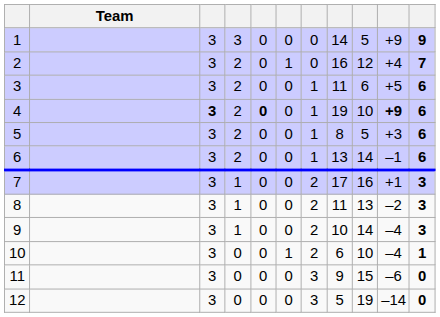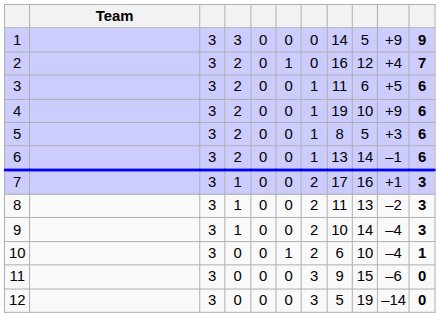 <table class="wikitable" style="text-align: center;">
 <tr>
 <th width="20"></th>
 <th style="width:175px;">Team</th>
 <th width="20"></th>
 <th width="20"></th>
 <th width="20"></th>
 <th width="20"></th>
 <th width="20"></th>
 <th width="20"></th>
 <th width="20"></th>
 <th></th>
 <th width="20"></th>
 </tr>
 <tr bgcolor=#ccccff>
 <td>1</td>
 <td align=left></td>
 <td>3</td>
 <td>3</td>
 <td>0</td>
 <td>0</td>
 <td>0</td>
 <td>14</td>
 <td>5</td>
 <td>+9</td>
 <td><strong>9</strong></td>
 </tr>
 <tr bgcolor=#ccccff>
 <td>2</td>
 <td align=left></td>
 <td>3</td>
 <td>2</td>
 <td>0</td>
 <td>1</td>
 <td>0</td>
 <td>16</td>
 <td>12</td>
 <td>+4</td>
 <td><strong>7</strong></td>
 </tr>
 <tr bgcolor=#ccccff>
 <td>3</td>
 <td align=left></td>
 <td>3</td>
 <td>2</td>
 <td>0</td>
 <td>0</td>
 <td>1</td>
 <td>11</td>
 <td>6</td>
 <td>+5</td>
 <td><strong>6</strong></td>
 </tr>
 <tr bgcolor=#ccccff>
 <td>4</td>
 <td align=left></td>
-<td><strong>3</strong></td>
+<td>3</td>
 <td>2</td>
-<td><strong>0</strong></td>
+<td>0</td>
 <td>0</td>
 <td>1</td>
 <td>19</td>
 <td>10</td>
-<td><strong>+9</strong></td>
+<td>+9</td>
 <td><strong>6</strong></td>
 </tr>
 <tr bgcolor=#ccccff>
 <td>5</td>
 <td align=left></td>
 <td>3</td>
 <td>2</td>
 <td>0</td>
 <td>0</td>
 <td>1</td>
 <td>8</td>
 <td>5</td>
 <td>+3</td>
 <td><strong>6</strong></td>
 </tr>
 <tr bgcolor=#ccccff>
 <td>6</td>
 <td align=left></td>
 <td>3</td>
 <td>2</td>
 <td>0</td>
 <td>0</td>
 <td>1</td>
 <td>13</td>
 <td>14</td>
 <td>–1</td>
 <td><strong>6</strong></td>
 </tr>
 <tr style="border-bottom:3px solid blue;">
 </tr>
 <tr bgcolor=#ccccff>
 <td>7</td>
 <td align=left></td>
 <td>3</td>
 <td>1</td>
 <td>0</td>
 <td>0</td>
 <td>2</td>
 <td>17</td>
 <td>16</td>
 <td>+1</td>
 <td><strong>3</strong></td>
 </tr>
 <tr>
 <td>8</td>
 <td align=left></td>
 <td>3</td>
 <td>1</td>
 <td>0</td>
 <td>0</td>
 <td>2</td>
 <td>11</td>
 <td>13</td>
 <td>–2</td>
 <td><strong>3</strong></td>
 </tr>
 <tr>
 <td>9</td>
 <td align=left></td>
 <td>3</td>
 <td>1</td>
 <td>0</td>
 <td>0</td>
 <td>2</td>
 <td>10</td>
 <td>14</td>
 <td>–4</td>
 <td><strong>3</strong></td>
 </tr>
 <tr>
 <td>10</td>
 <td align=left></td>
 <td>3</td>
 <td>0</td>
 <td>0</td>
 <td>1</td>
 <td>2</td>
 <td>6</td>
 <td>10</td>
 <td>–4</td>
 <td><strong>1</strong></td>
 </tr>
 <tr>
 <td>11</td>
 <td align=left></td>
 <td>3</td>
 <td>0</td>
 <td>0</td>
 <td>0</td>
 <td>3</td>
 <td>9</td>
 <td>15</td>
 <td>–6</td>
 <td><strong>0</strong></td>
 </tr>
 <tr>
 <td>12</td>
 <td align=left></td>
 <td>3</td>
 <td>0</td>
 <td>0</td>
 <td>0</td>
 <td>3</td>
 <td>5</td>
 <td>19</td>
 <td>–14</td>
 <td><strong>0</strong></td>
 </tr>
 </table>
